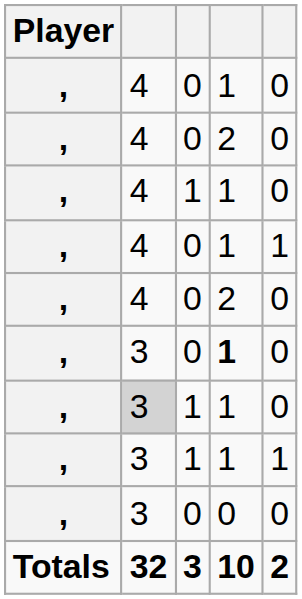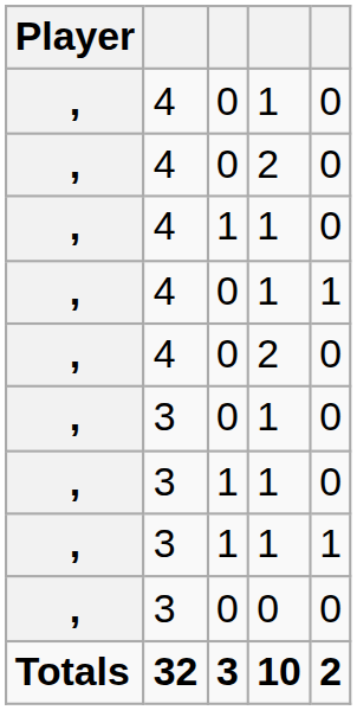 <table class="wikitable sortable plainrowheaders">
 <tr>
 <th scope="col">Player</th>
 <th scope="col"></th>
 <th scope="col"></th>
 <th scope="col"></th>
 <th scope="col"></th>
 </tr>
 <tr>
 <th scope="row">, </th>
 <td>4</td>
 <td>0</td>
 <td>1</td>
 <td>0</td>
 </tr>
 <tr>
 <th scope="row">, </th>
 <td>4</td>
 <td>0</td>
 <td>2</td>
 <td>0</td>
 </tr>
 <tr>
 <th scope="row">, </th>
 <td>4</td>
 <td>1</td>
 <td>1</td>
 <td>0</td>
 </tr>
 <tr>
 <th scope="row">, </th>
 <td>4</td>
 <td>0</td>
 <td>1</td>
 <td>1</td>
 </tr>
 <tr>
 <th scope="row">, </th>
 <td>4</td>
 <td>0</td>
 <td>2</td>
 <td>0</td>
 </tr>
 <tr>
 <th scope="row">, </th>
 <td>3</td>
 <td>0</td>
-<td><strong>1</strong></td>
+<td>1</td>
 <td>0</td>
 </tr>
 <tr>
 <th scope="row">, </th>
-<td style="background: lightgrey;">3</td>
+<td>3</td>
 <td>1</td>
 <td>1</td>
 <td>0</td>
 </tr>
 <tr>
 <th scope="row">, </th>
 <td>3</td>
 <td>1</td>
 <td>1</td>
 <td>1</td>
 </tr>
 <tr>
 <th scope="row">, </th>
 <td>3</td>
 <td>0</td>
 <td>0</td>
 <td>0</td>
 </tr>
 <tr class="sortbottom">
 <td><strong>Totals</strong></td>
 <td><strong>32</strong></td>
 <td><strong>3</strong></td>
 <td><strong>10</strong></td>
 <td><strong>2</strong></td>
 </tr>
 </table>
